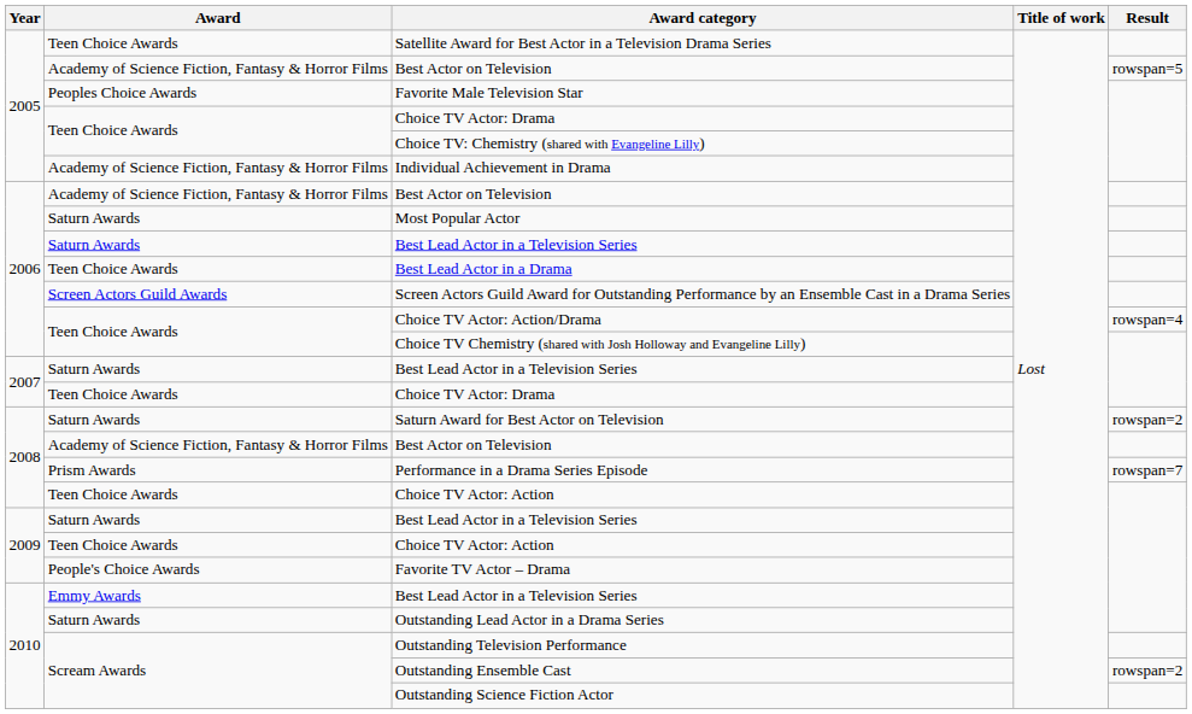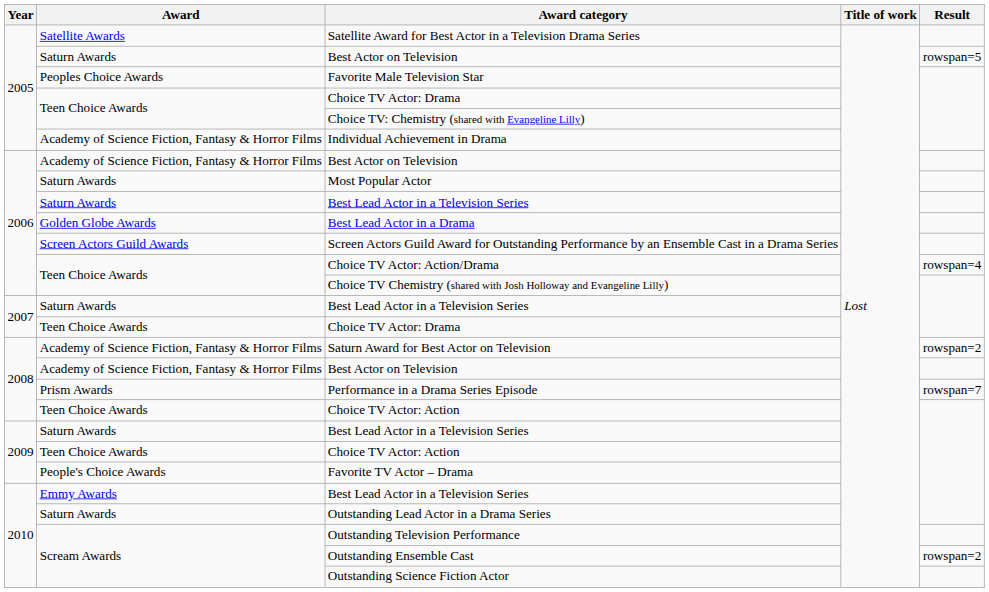 <table class="wikitable sortable">
 <tr>
 <th>Year</th>
 <th>Award</th>
 <th>Award category</th>
 <th>Title of work</th>
 <th>Result</th>
 </tr>
 <tr>
 <td rowspan=6>2005</td>
-<td>Teen Choice Awards</td>
+<td><a href='#'>Satellite Awards</a></td>
 <td>Satellite Award for Best Actor in a Television Drama Series</td>
 <td rowspan=27><em>Lost</em></td>
 <td></td>
 </tr>
 <tr>
-<td>Academy of Science Fiction, Fantasy & Horror Films</td>
+<td>Saturn Awards</td>
 <td>Best Actor on Television</td>
 <td>rowspan=5 </td>
 </tr>
 <tr>
 <td>Peoples Choice Awards</td>
 <td>Favorite Male Television Star</td>
 </tr>
 <tr>
 <td rowspan=2>Teen Choice Awards</td>
 <td>Choice TV Actor: Drama</td>
 </tr>
 <tr>
 <td>Choice TV: Chemistry (<small>shared with <a href='#'>Evangeline Lilly</a></small>)</td>
 </tr>
 <tr>
 <td>Academy of Science Fiction, Fantasy & Horror Films</td>
 <td>Individual Achievement in Drama</td>
 </tr>
 <tr>
 <td rowspan=7>2006</td>
 <td>Academy of Science Fiction, Fantasy & Horror Films</td>
 <td>Best Actor on Television</td>
 <td></td>
 </tr>
 <tr>
 <td>Saturn Awards</td>
 <td>Most Popular Actor</td>
 <td></td>
 </tr>
 <tr>
 <td><a href='#'>Saturn Awards</a></td>
 <td><a href='#'>Best Lead Actor in a Television Series</a></td>
 <td></td>
 </tr>
 <tr>
-<td>Teen Choice Awards</td>
+<td><a href='#'>Golden Globe Awards</a></td>
 <td><a href='#'>Best Lead Actor in a Drama</a></td>
 <td></td>
 </tr>
 <tr>
 <td><a href='#'>Screen Actors Guild Awards</a></td>
 <td>Screen Actors Guild Award for Outstanding Performance by an Ensemble Cast in a Drama Series</td>
 <td></td>
 </tr>
 <tr>
 <td rowspan=2>Teen Choice Awards</td>
 <td>Choice TV Actor: Action/Drama</td>
 <td>rowspan=4 </td>
 </tr>
 <tr>
 <td>Choice TV Chemistry (<small>shared with Josh Holloway and Evangeline Lilly</small>)</td>
 </tr>
 <tr>
 <td rowspan=2>2007</td>
 <td>Saturn Awards</td>
 <td>Best Lead Actor in a Television Series</td>
 </tr>
 <tr>
 <td>Teen Choice Awards</td>
 <td>Choice TV Actor: Drama</td>
 </tr>
 <tr>
 <td rowspan=4>2008</td>
-<td>Saturn Awards</td>
+<td>Academy of Science Fiction, Fantasy & Horror Films</td>
 <td>Saturn Award for Best Actor on Television</td>
 <td>rowspan=2 </td>
 </tr>
 <tr>
 <td>Academy of Science Fiction, Fantasy & Horror Films</td>
 <td>Best Actor on Television</td>
 </tr>
 <tr>
 <td>Prism Awards</td>
 <td>Performance in a Drama Series Episode</td>
 <td>rowspan=7 </td>
 </tr>
 <tr>
 <td>Teen Choice Awards</td>
 <td>Choice TV Actor: Action</td>
 </tr>
 <tr>
 <td rowspan=3>2009</td>
 <td>Saturn Awards</td>
 <td>Best Lead Actor in a Television Series</td>
 </tr>
 <tr>
 <td>Teen Choice Awards</td>
 <td>Choice TV Actor: Action</td>
 </tr>
 <tr>
 <td>People's Choice Awards</td>
 <td>Favorite TV Actor – Drama</td>
 </tr>
 <tr>
 <td rowspan=5>2010</td>
 <td><a href='#'>Emmy Awards</a></td>
 <td>Best Lead Actor in a Television Series</td>
 </tr>
 <tr>
 <td>Saturn Awards</td>
 <td>Outstanding Lead Actor in a Drama Series</td>
 </tr>
 <tr>
 <td rowspan=3>Scream Awards</td>
 <td>Outstanding Television Performance</td>
 <td></td>
 </tr>
 <tr>
 <td>Outstanding Ensemble Cast</td>
 <td>rowspan=2 </td>
 </tr>
 <tr>
 <td>Outstanding Science Fiction Actor</td>
 </tr>
 </table>
